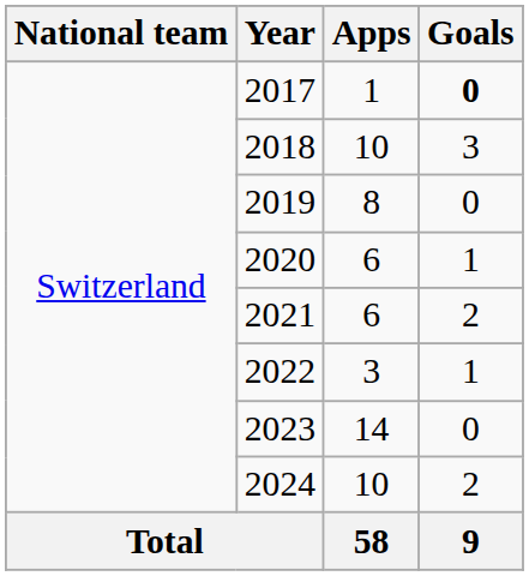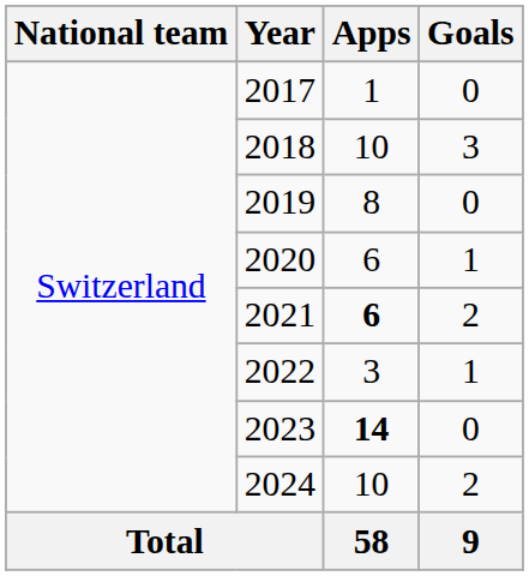 <table class=wikitable style=text-align:center>
 <tr>
 <th>National team</th>
 <th>Year</th>
 <th>Apps</th>
 <th>Goals</th>
 </tr>
 <tr>
 <td rowspan="8"><a href='#'>Switzerland</a></td>
 <td>2017</td>
 <td>1</td>
-<td><strong>0</strong></td>
+<td>0</td>
 </tr>
 <tr>
 <td>2018</td>
 <td>10</td>
 <td>3</td>
 </tr>
 <tr>
 <td>2019</td>
 <td>8</td>
 <td>0</td>
 </tr>
 <tr>
 <td>2020</td>
 <td>6</td>
 <td>1</td>
 </tr>
 <tr>
 <td>2021</td>
-<td>6</td>
+<td><strong>6</strong></td>
 <td>2</td>
 </tr>
 <tr>
 <td>2022</td>
 <td>3</td>
 <td>1</td>
 </tr>
 <tr>
 <td>2023</td>
-<td>14</td>
+<td><strong>14</strong></td>
 <td>0</td>
 </tr>
 <tr>
 <td>2024</td>
 <td>10</td>
 <td>2</td>
 </tr>
 <tr>
 <th colspan="2">Total</th>
 <th>58</th>
 <th>9</th>
 </tr>
 </table>
